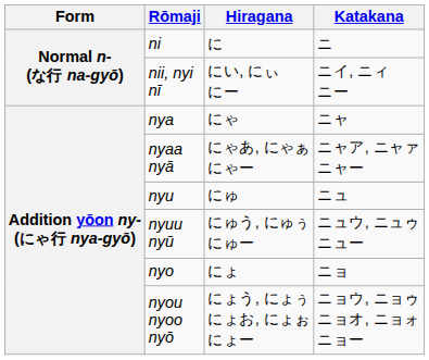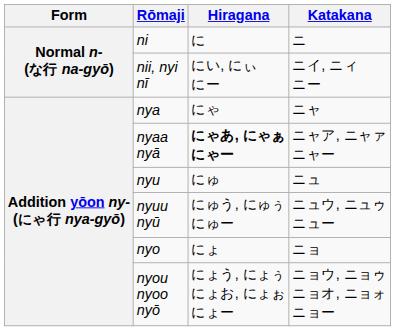 <table class="wikitable">
 <tr>
 <th>Form</th>
 <th><a href='#'>Rōmaji</a></th>
 <th><a href='#'>Hiragana</a></th>
 <th><a href='#'>Katakana</a></th>
 </tr>
 <tr>
 <th rowspan="2">Normal <em>n-</em><br>(な行 <em>na-gyō</em>)</th>
 <td><em>ni</em></td>
 <td>に</td>
 <td>ニ</td>
 </tr>
 <tr>
 <td><em>nii, nyi</em><br><em>nī</em></td>
 <td>にい, にぃ<br>にー</td>
 <td>ニイ, ニィ<br>ニー</td>
 </tr>
 <tr>
 <th rowspan="6">Addition <a href='#'>yōon</a> <em>ny-</em><br>(にゃ行 <em>nya-gyō</em>)</th>
 <td><em>nya</em></td>
 <td>にゃ</td>
 <td>ニャ</td>
 </tr>
 <tr>
 <td><em>nyaa</em><br><em>nyā</em></td>
-<td>にゃあ, にゃぁ<br>にゃー</td>
+<td><strong>にゃあ, にゃぁ<br>にゃー</strong></td>
 <td>ニャア, ニャァ<br>ニャー</td>
 </tr>
 <tr>
 <td><em>nyu</em></td>
 <td>にゅ</td>
 <td>ニュ</td>
 </tr>
 <tr>
 <td><em>nyuu</em><br><em>nyū</em></td>
 <td>にゅう, にゅぅ<br>にゅー</td>
 <td>ニュウ, ニュゥ<br>ニュー</td>
 </tr>
 <tr>
 <td><em>nyo</em></td>
 <td>にょ</td>
 <td>ニョ</td>
 </tr>
 <tr>
 <td><em>nyou</em><br><em>nyoo</em><br><em>nyō</em></td>
 <td>にょう, にょぅ<br>にょお, にょぉ<br>にょー</td>
 <td>ニョウ, ニョゥ<br>ニョオ, ニョォ<br>ニョー</td>
 </tr>
 </table>
